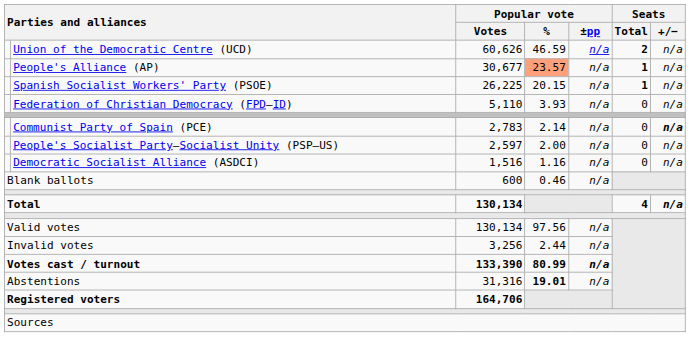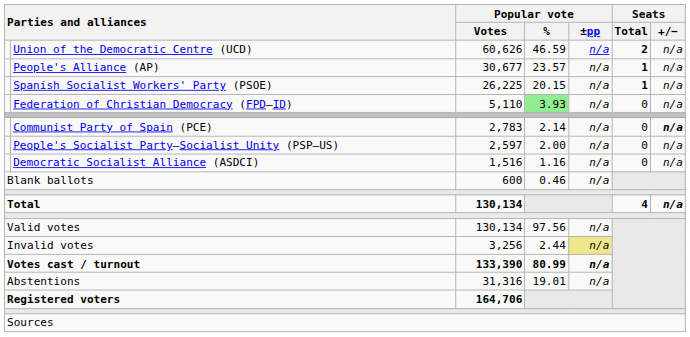 <table class="wikitable" style="text-align:right;">
 <tr>
 <th style="text-align:left;" rowspan="2" colspan="2" width="525">Parties and alliances</th>
 <th colspan="3">Popular vote</th>
 <th colspan="2">Seats</th>
 </tr>
 <tr>
 <th width="75">Votes</th>
 <th width="45">%</th>
 <th width="45">±<a href='#'>pp</a></th>
 <th width="35">Total</th>
 <th width="35">+/−</th>
 </tr>
 <tr>
 <td width="1" style="color:inherit;background:"></td>
 <td align="left"><a href='#'>Union of the Democratic Centre</a> (UCD)</td>
 <td>60,626</td>
 <td>46.59</td>
 <td><em><a href='#'>n/a</a></em></td>
 <td><strong>2</strong></td>
 <td><em>n/a</em></td>
 </tr>
 <tr>
 <td style="color:inherit;background:"></td>
 <td align="left"><a href='#'>People's Alliance</a> (AP)</td>
 <td>30,677</td>
-<td style="background: lightsalmon;">23.57</td>
+<td>23.57</td>
 <td><em>n/a</em></td>
 <td><strong>1</strong></td>
 <td><em>n/a</em></td>
 </tr>
 <tr>
 <td style="color:inherit;background:"></td>
 <td align="left"><a href='#'>Spanish Socialist Workers' Party</a> (PSOE)</td>
 <td>26,225</td>
 <td>20.15</td>
 <td><em>n/a</em></td>
 <td><strong>1</strong></td>
 <td><em>n/a</em></td>
 </tr>
 <tr>
 <td style="color:inherit;background:"></td>
 <td align="left"><a href='#'>Federation of Christian Democracy</a> (<a href='#'>FPD</a>–<a href='#'>ID</a>)</td>
 <td>5,110</td>
-<td>3.93</td>
+<td style="background: lightgreen;">3.93</td>
 <td><em>n/a</em></td>
 <td>0</td>
 <td><em>n/a</em></td>
 </tr>
 <tr>
 <td colspan="7" bgcolor="#C0C0C0"></td>
 </tr>
 <tr>
 <td style="color:inherit;background:"></td>
 <td align="left"><a href='#'>Communist Party of Spain</a> (PCE)</td>
 <td>2,783</td>
 <td>2.14</td>
 <td><em>n/a</em></td>
 <td>0</td>
 <td><strong><em>n/a</em></strong></td>
 </tr>
 <tr>
 <td style="color:inherit;background:"></td>
 <td align="left"><a href='#'>People's Socialist Party</a>–<a href='#'>Socialist Unity</a> (PSP–US)</td>
 <td>2,597</td>
 <td>2.00</td>
 <td><em>n/a</em></td>
 <td>0</td>
 <td><em>n/a</em></td>
 </tr>
 <tr>
 <td style="color:inherit;background:"></td>
 <td align="left"><a href='#'>Democratic Socialist Alliance</a> (ASDCI)</td>
 <td>1,516</td>
 <td>1.16</td>
 <td><em>n/a</em></td>
 <td>0</td>
 <td><em>n/a</em></td>
 </tr>
 <tr>
 <td align="left" colspan="2">Blank ballots</td>
 <td>600</td>
 <td>0.46</td>
 <td><em>n/a</em></td>
 <td bgcolor="#E9E9E9" colspan="2"></td>
 </tr>
 <tr>
 <td colspan="7" bgcolor="#E9E9E9"></td>
 </tr>
 <tr style="font-weight:bold;">
 <td align="left" colspan="2">Total</td>
 <td>130,134</td>
 <td bgcolor="#E9E9E9" colspan="2"></td>
 <td>4</td>
 <td><em>n/a</em></td>
 </tr>
 <tr>
 <td colspan="7" bgcolor="#E9E9E9"></td>
 </tr>
 <tr>
 <td align="left" colspan="2">Valid votes</td>
 <td>130,134</td>
 <td>97.56</td>
 <td><em>n/a</em></td>
 <td bgcolor="#E9E9E9" colspan="2" rowspan="5"></td>
 </tr>
 <tr>
 <td align="left" colspan="2">Invalid votes</td>
 <td>3,256</td>
 <td>2.44</td>
-<td><em>n/a</em></td>
+<td style="background: khaki;"><em>n/a</em></td>
 </tr>
 <tr style="font-weight:bold;">
 <td align="left" colspan="2">Votes cast / turnout</td>
 <td>133,390</td>
 <td>80.99</td>
 <td><em>n/a</em></td>
 </tr>
 <tr>
 <td align="left" colspan="2">Abstentions</td>
 <td>31,316</td>
-<td><strong>19.01</strong></td>
+<td>19.01</td>
 <td><em>n/a</em></td>
 </tr>
 <tr style="font-weight:bold;">
 <td align="left" colspan="2">Registered voters</td>
 <td>164,706</td>
 <td bgcolor="#E9E9E9" colspan="2"></td>
 </tr>
 <tr>
 <td colspan="7" bgcolor="#E9E9E9"></td>
 </tr>
 <tr>
 <td align="left" colspan="7">Sources</td>
 </tr>
 </table>
